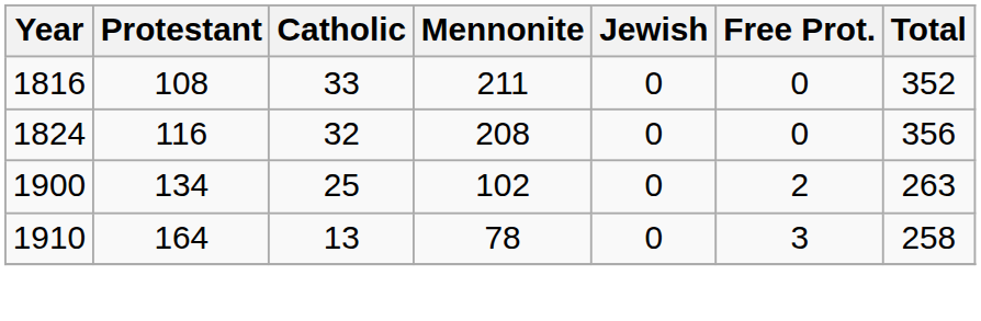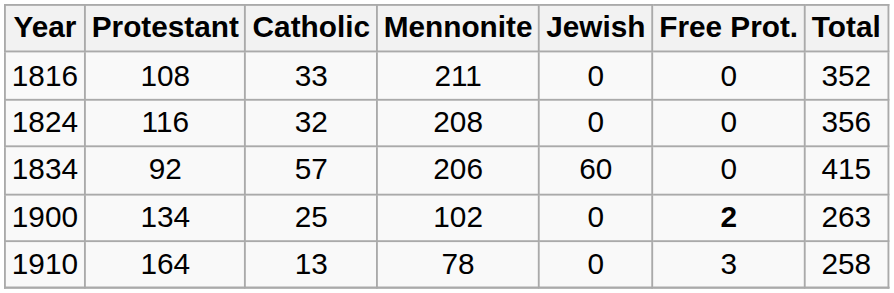 <table class="wikitable centered">
 <tr>
 <th>Year</th>
 <th>Protestant</th>
 <th>Catholic</th>
 <th>Mennonite</th>
 <th>Jewish</th>
 <th>Free Prot.</th>
 <th>Total</th>
 </tr>
 <tr align="center">
 <td align="left">1816</td>
 <td>108</td>
 <td>33</td>
 <td>211</td>
 <td>0</td>
 <td>0</td>
 <td>352</td>
 </tr>
 <tr align="center">
 <td align="left">1824</td>
 <td>116</td>
 <td>32</td>
 <td>208</td>
 <td>0</td>
 <td>0</td>
 <td>356</td>
 </tr>
 <tr align="center">
+<td align="left">1834</td>
+<td>92</td>
+<td>57</td>
+<td>206</td>
+<td>60</td>
+<td>0</td>
+<td>415</td>
+</tr>
+<tr align="center">
 <td align="left">1900</td>
 <td>134</td>
 <td>25</td>
 <td>102</td>
 <td>0</td>
-<td>2</td>
+<td><strong>2</strong></td>
 <td>263</td>
 </tr>
 <tr align="center">
 <td align="left">1910</td>
 <td>164</td>
 <td>13</td>
 <td>78</td>
 <td>0</td>
 <td>3</td>
 <td>258</td>
 </tr>
 <tr align="center">
 </tr>
 </table>
